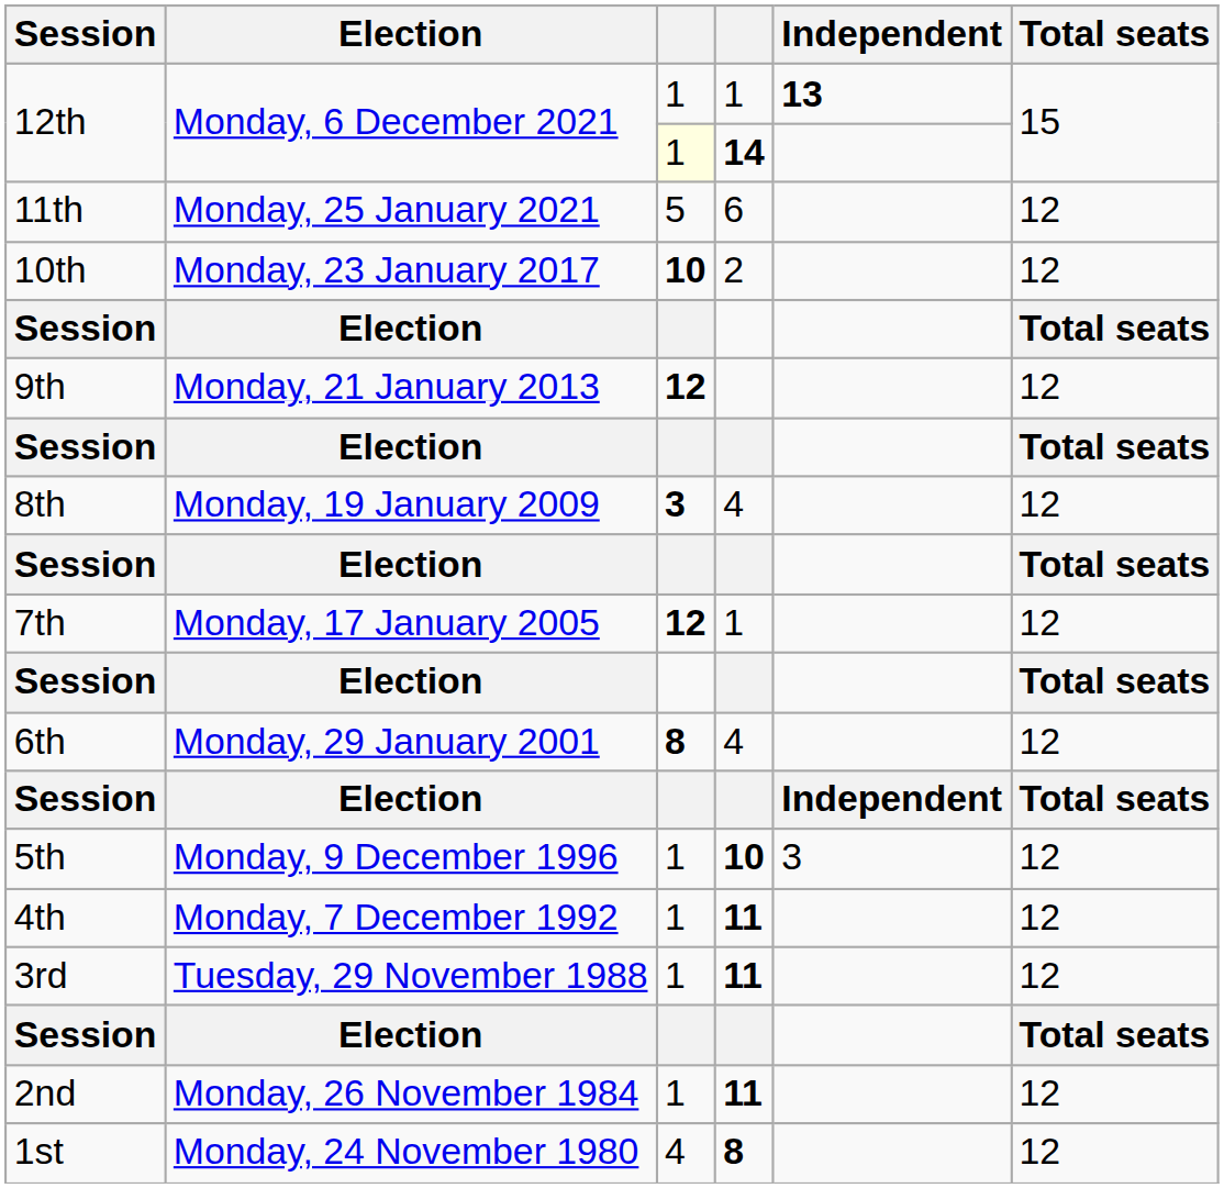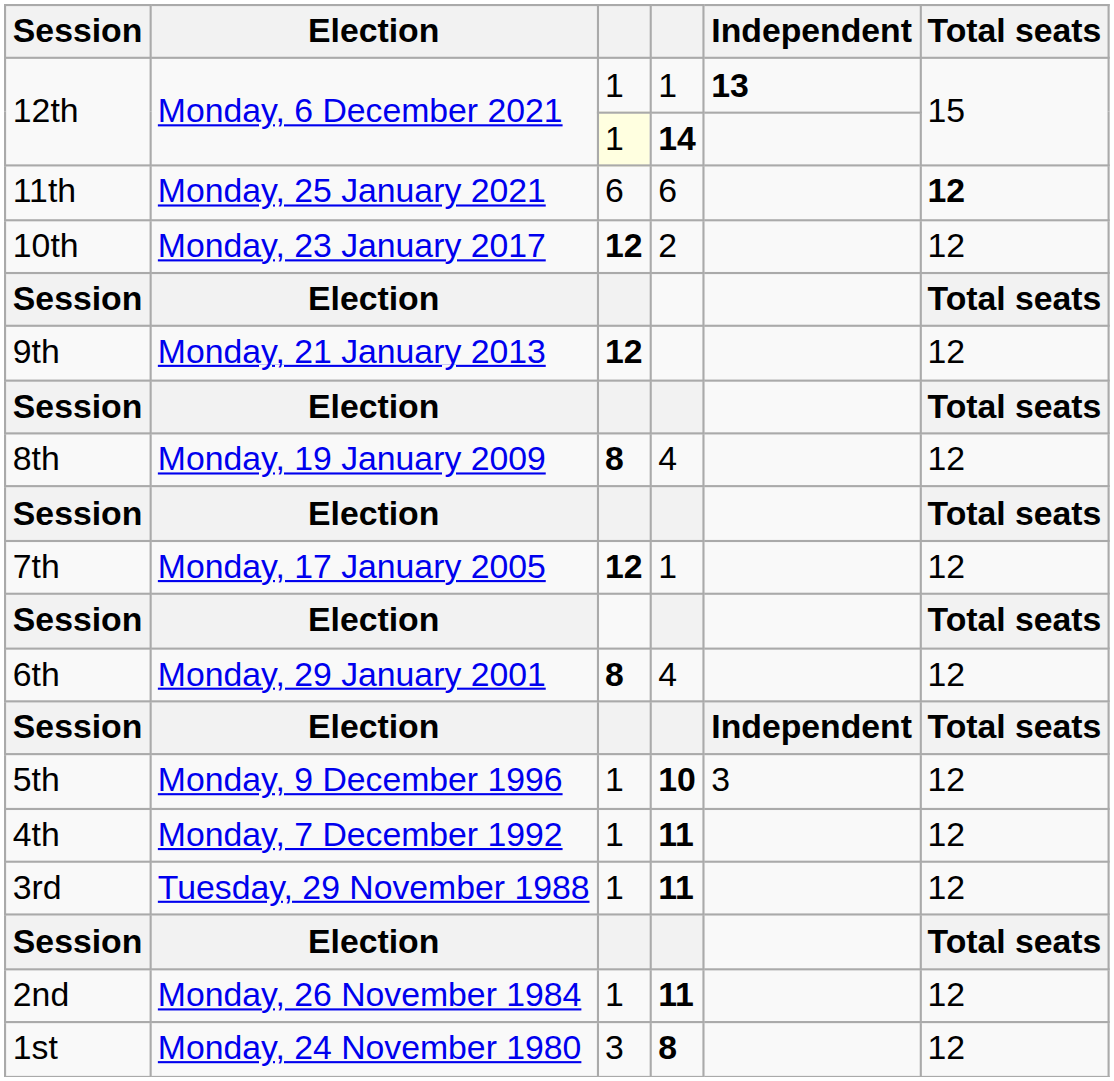 <table class="wikitable">
 <tr>
 <th>Session</th>
 <th>Election</th>
 <th style="background:"><a href='#'></a></th>
 <th style="background:"><a href='#'></a></th>
 <th>Independent</th>
 <th>Total seats</th>
 </tr>
 <tr>
 <td rowspan="2">12th</td>
 <td rowspan="2"><a href='#'>Monday, 6 December 2021</a></td>
 <td>1</td>
 <td>1</td>
 <td><strong>13</strong></td>
 <td rowspan="2">15</td>
 </tr>
 <tr>
 <td style="background: lightyellow;">1</td>
 <td><strong>14</strong></td>
 <td></td>
 </tr>
 <tr>
 <td>11th</td>
 <td><a href='#'>Monday, 25 January 2021</a></td>
-<td>5</td>
+<td>6</td>
 <td>6</td>
 <td></td>
-<td>12</td>
+<td><strong>12</strong></td>
 </tr>
 <tr>
 <td>10th</td>
 <td><a href='#'>Monday, 23 January 2017</a></td>
-<td><strong>10</strong></td>
+<td><strong>12</strong></td>
 <td>2</td>
 <td></td>
 <td>12</td>
 </tr>
 <tr>
 <th>Session</th>
 <th>Election</th>
 <th style="background:"><a href='#'></a></th>
 <td></td>
 <td></td>
 <th>Total seats</th>
 </tr>
 <tr>
 <td>9th</td>
 <td><a href='#'>Monday, 21 January 2013</a></td>
 <td><strong>12</strong></td>
 <td></td>
 <td></td>
 <td>12</td>
 </tr>
 <tr>
 <th>Session</th>
 <th>Election</th>
 <th style="background:"><a href='#'></a></th>
 <th style="background:"><a href='#'></a></th>
 <td></td>
 <th>Total seats</th>
 </tr>
 <tr>
 <td>8th</td>
 <td><a href='#'>Monday, 19 January 2009</a></td>
-<td><strong>3</strong></td>
+<td><strong>8</strong></td>
 <td>4</td>
 <td></td>
 <td>12</td>
 </tr>
 <tr>
 <th>Session</th>
 <th>Election</th>
 <th style="background:"><a href='#'></a></th>
 <th style="background:"><a href='#'></a> </th>
 <td></td>
 <th>Total seats</th>
 </tr>
 <tr>
 <td>7th</td>
 <td><a href='#'>Monday, 17 January 2005</a></td>
 <td><strong>12</strong></td>
 <td>1</td>
 <td></td>
 <td>12</td>
 </tr>
 <tr>
 <th>Session</th>
 <th>Election</th>
 <td style="background:"><a href='#'><strong></strong></a></td>
 <th style="background:"><a href='#'></a> </th>
 <td></td>
 <th>Total seats</th>
 </tr>
 <tr>
 <td>6th</td>
 <td><a href='#'>Monday, 29 January 2001</a></td>
 <td><strong>8</strong></td>
 <td>4</td>
 <td></td>
 <td>12</td>
 </tr>
 <tr>
 <th>Session</th>
 <th>Election</th>
 <th style="background:"><a href='#'></a></th>
 <th style="background:"><a href='#'></a> </th>
 <th>Independent</th>
 <th>Total seats</th>
 </tr>
 <tr>
 <td>5th</td>
 <td><a href='#'>Monday, 9 December 1996</a></td>
 <td>1</td>
 <td><strong>10</strong></td>
 <td>3</td>
 <td>12</td>
 </tr>
 <tr>
 <td>4th</td>
 <td><a href='#'>Monday, 7 December 1992</a></td>
 <td>1</td>
 <td><strong>11</strong></td>
 <td></td>
 <td>12</td>
 </tr>
 <tr>
 <td>3rd</td>
 <td><a href='#'>Tuesday, 29 November 1988</a></td>
 <td>1</td>
 <td><strong>11</strong></td>
 <td></td>
 <td>12</td>
 </tr>
 <tr>
 <th>Session</th>
 <th>Election</th>
 <th style="background:"><a href='#'></a></th>
 <th style="background:"><a href='#'></a> </th>
 <td></td>
 <th>Total seats</th>
 </tr>
 <tr>
 <td>2nd</td>
 <td><a href='#'>Monday, 26 November 1984</a></td>
 <td>1</td>
 <td><strong>11</strong></td>
 <td></td>
 <td>12</td>
 </tr>
 <tr>
 <td>1st</td>
 <td><a href='#'>Monday, 24 November 1980</a></td>
-<td>4</td>
+<td>3</td>
 <td><strong>8</strong></td>
 <td></td>
 <td>12</td>
 </tr>
 </table>
